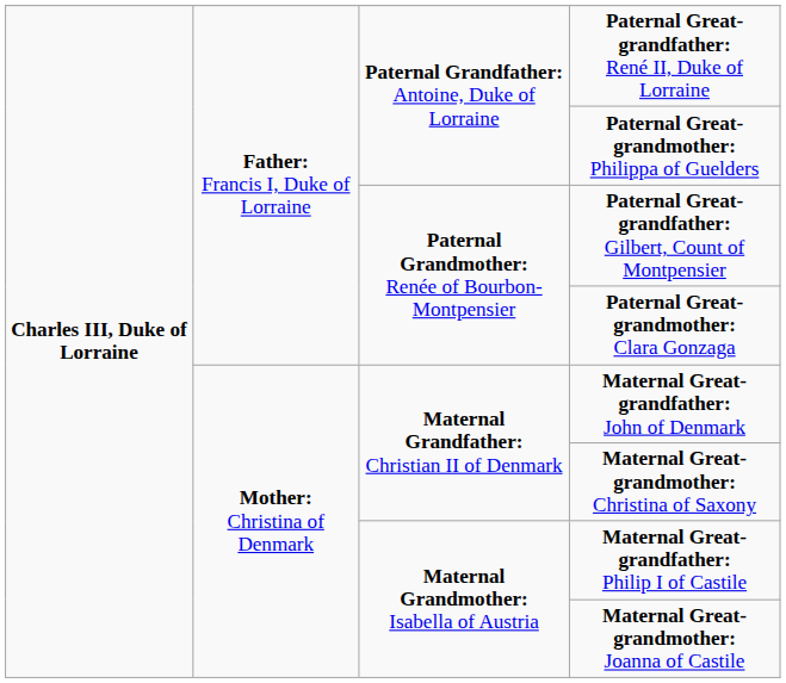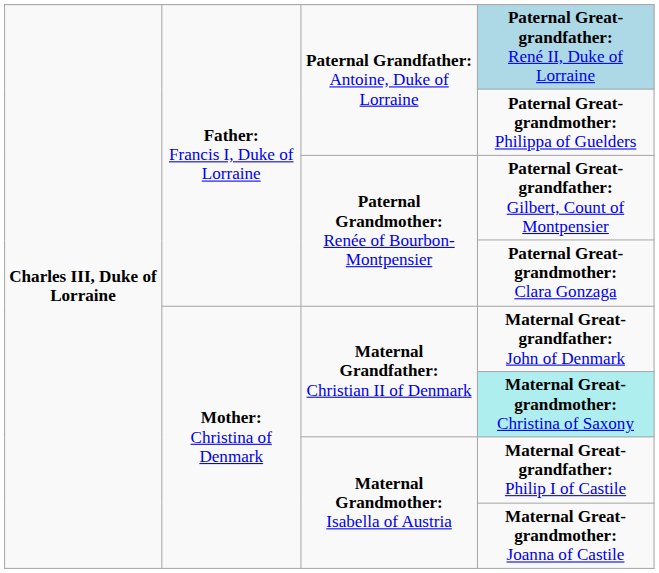 <table class="wikitable">
 <tr>
 </tr>
 <tr>
 <td rowspan="8" align="center"><strong>Charles III, Duke of Lorraine</strong></td>
 <td rowspan="4" align="center"><strong>Father:</strong><br><a href='#'>Francis I, Duke of Lorraine</a></td>
 <td rowspan="2" align="center"><strong>Paternal Grandfather:</strong><br><a href='#'>Antoine, Duke of Lorraine</a></td>
-<td align="center"><strong>Paternal Great-grandfather:</strong><br><a href='#'>René II, Duke of Lorraine</a></td>
+<td align="center" style="background: lightblue;"><strong>Paternal Great-grandfather:</strong><br><a href='#'>René II, Duke of Lorraine</a></td>
 </tr>
 <tr>
 <td align="center"><strong>Paternal Great-grandmother:</strong><br><a href='#'>Philippa of Guelders</a></td>
 </tr>
 <tr>
 <td rowspan="2" align="center"><strong>Paternal Grandmother:</strong><br><a href='#'>Renée of Bourbon-Montpensier</a></td>
 <td align="center"><strong>Paternal Great-grandfather:</strong><br><a href='#'>Gilbert, Count of Montpensier</a></td>
 </tr>
 <tr>
 <td align="center"><strong>Paternal Great-grandmother:</strong><br><a href='#'>Clara Gonzaga</a></td>
 </tr>
 <tr>
 <td rowspan="4" align="center"><strong>Mother:</strong><br><a href='#'>Christina of Denmark</a></td>
 <td rowspan="2" align="center"><strong>Maternal Grandfather:</strong><br><a href='#'>Christian II of Denmark</a></td>
 <td align="center"><strong>Maternal Great-grandfather:</strong><br><a href='#'>John of Denmark</a></td>
 </tr>
 <tr>
-<td align="center"><strong>Maternal Great-grandmother:</strong><br><a href='#'>Christina of Saxony</a></td>
+<td align="center" style="background: paleturquoise;"><strong>Maternal Great-grandmother:</strong><br><a href='#'>Christina of Saxony</a></td>
 </tr>
 <tr>
 <td rowspan="2" align="center"><strong>Maternal Grandmother:</strong><br><a href='#'>Isabella of Austria</a></td>
 <td align="center"><strong>Maternal Great-grandfather:</strong><br><a href='#'>Philip I of Castile</a></td>
 </tr>
 <tr>
 <td align="center"><strong>Maternal Great-grandmother:</strong><br><a href='#'>Joanna of Castile</a></td>
 </tr>
 </table>
